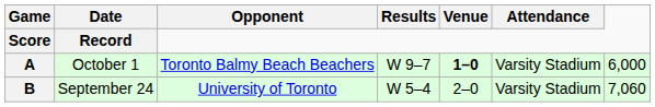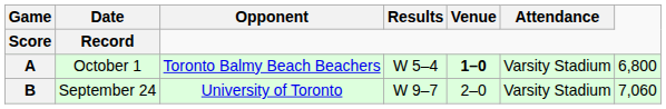 <table class="wikitable" style="text-align:center">
 <tr>
 <th>Game</th>
 <th>Date</th>
 <th>Opponent</th>
 <th>Results</th>
 <th>Venue</th>
 <th>Attendance</th>
 </tr>
 <tr>
 <th>Score</th>
 <th>Record</th>
 </tr>
 <tr style="background:#ddffdd">
 <th>A</th>
 <td>October 1</td>
 <td><a href='#'>Toronto Balmy Beach Beachers</a></td>
-<td>W 9–7</td>
+<td>W 5–4 </td>
 <td><strong>1–0</strong></td>
 <td>Varsity Stadium</td>
-<td>6,000</td>
+<td>6,800</td>
 </tr>
 <tr style="background:#ddffdd">
 <th>B</th>
 <td>September 24</td>
 <td><a href='#'>University of Toronto</a></td>
-<td>W 5–4 </td>
+<td>W 9–7</td>
 <td>2–0</td>
 <td>Varsity Stadium</td>
 <td>7,060</td>
 </tr>
 </table>
